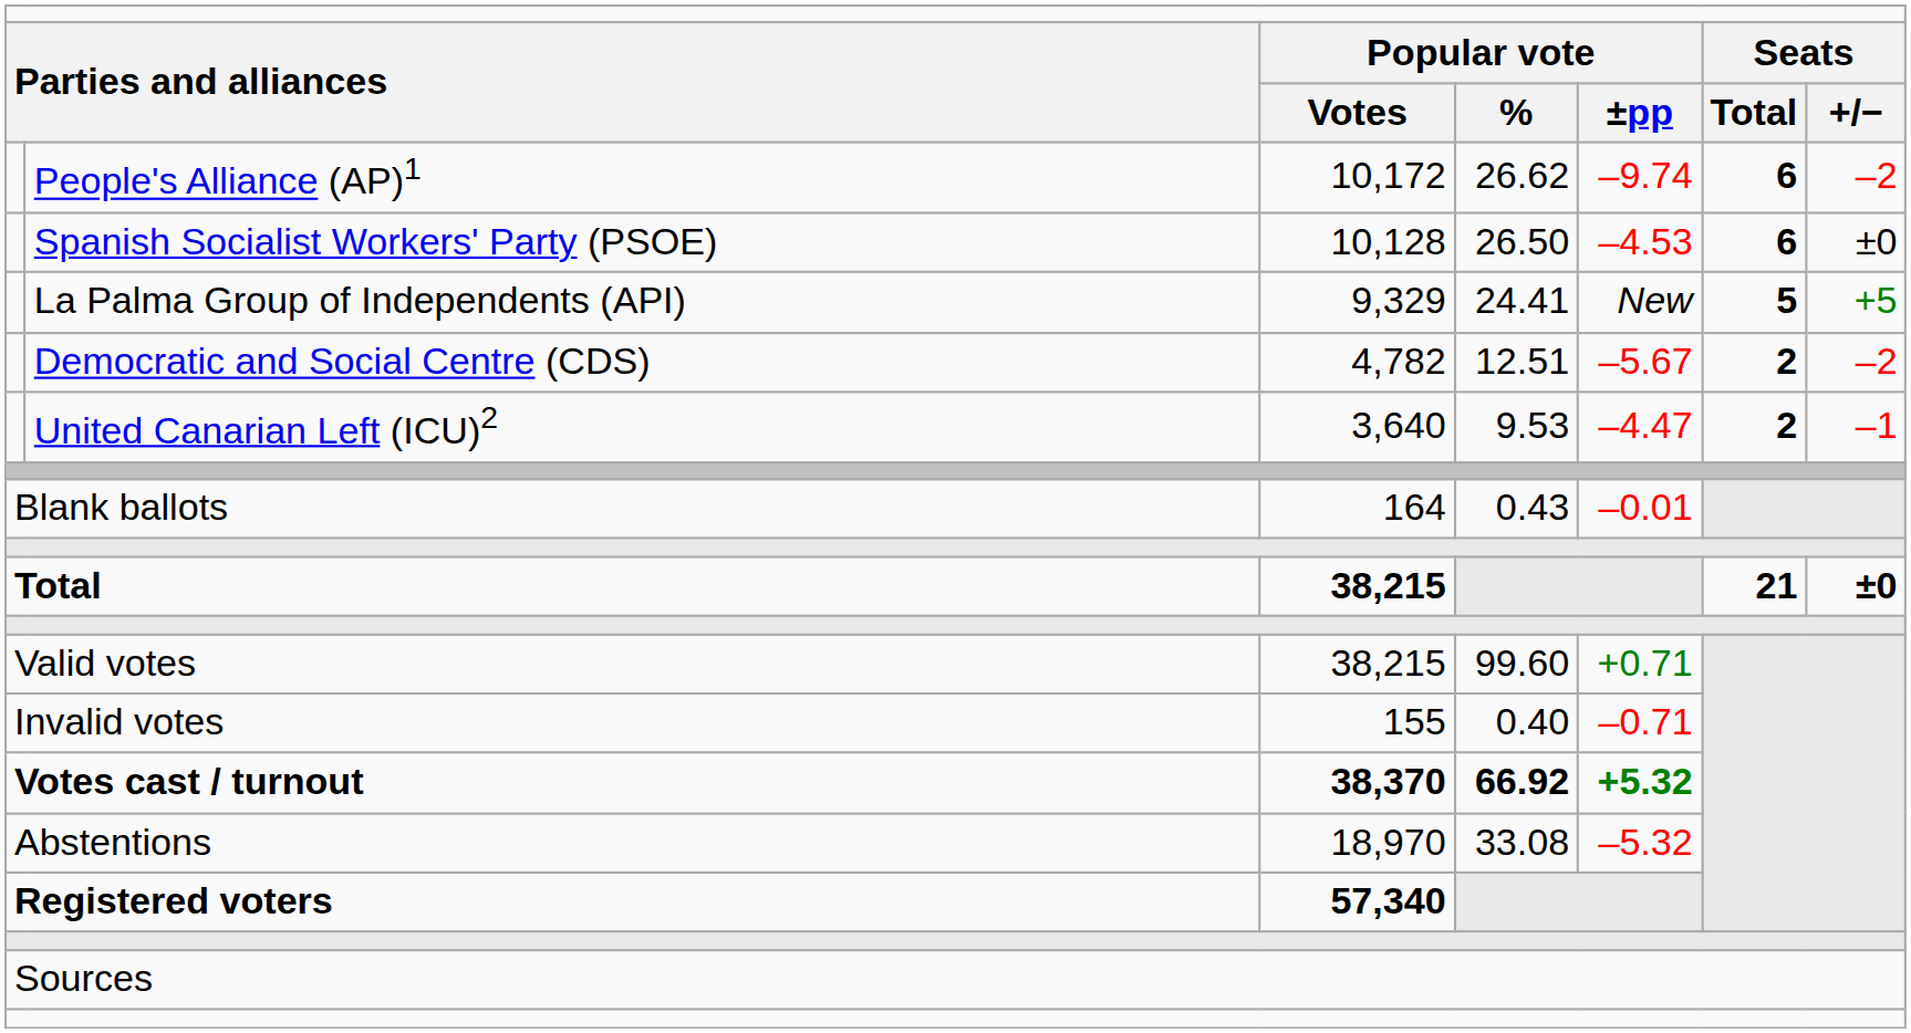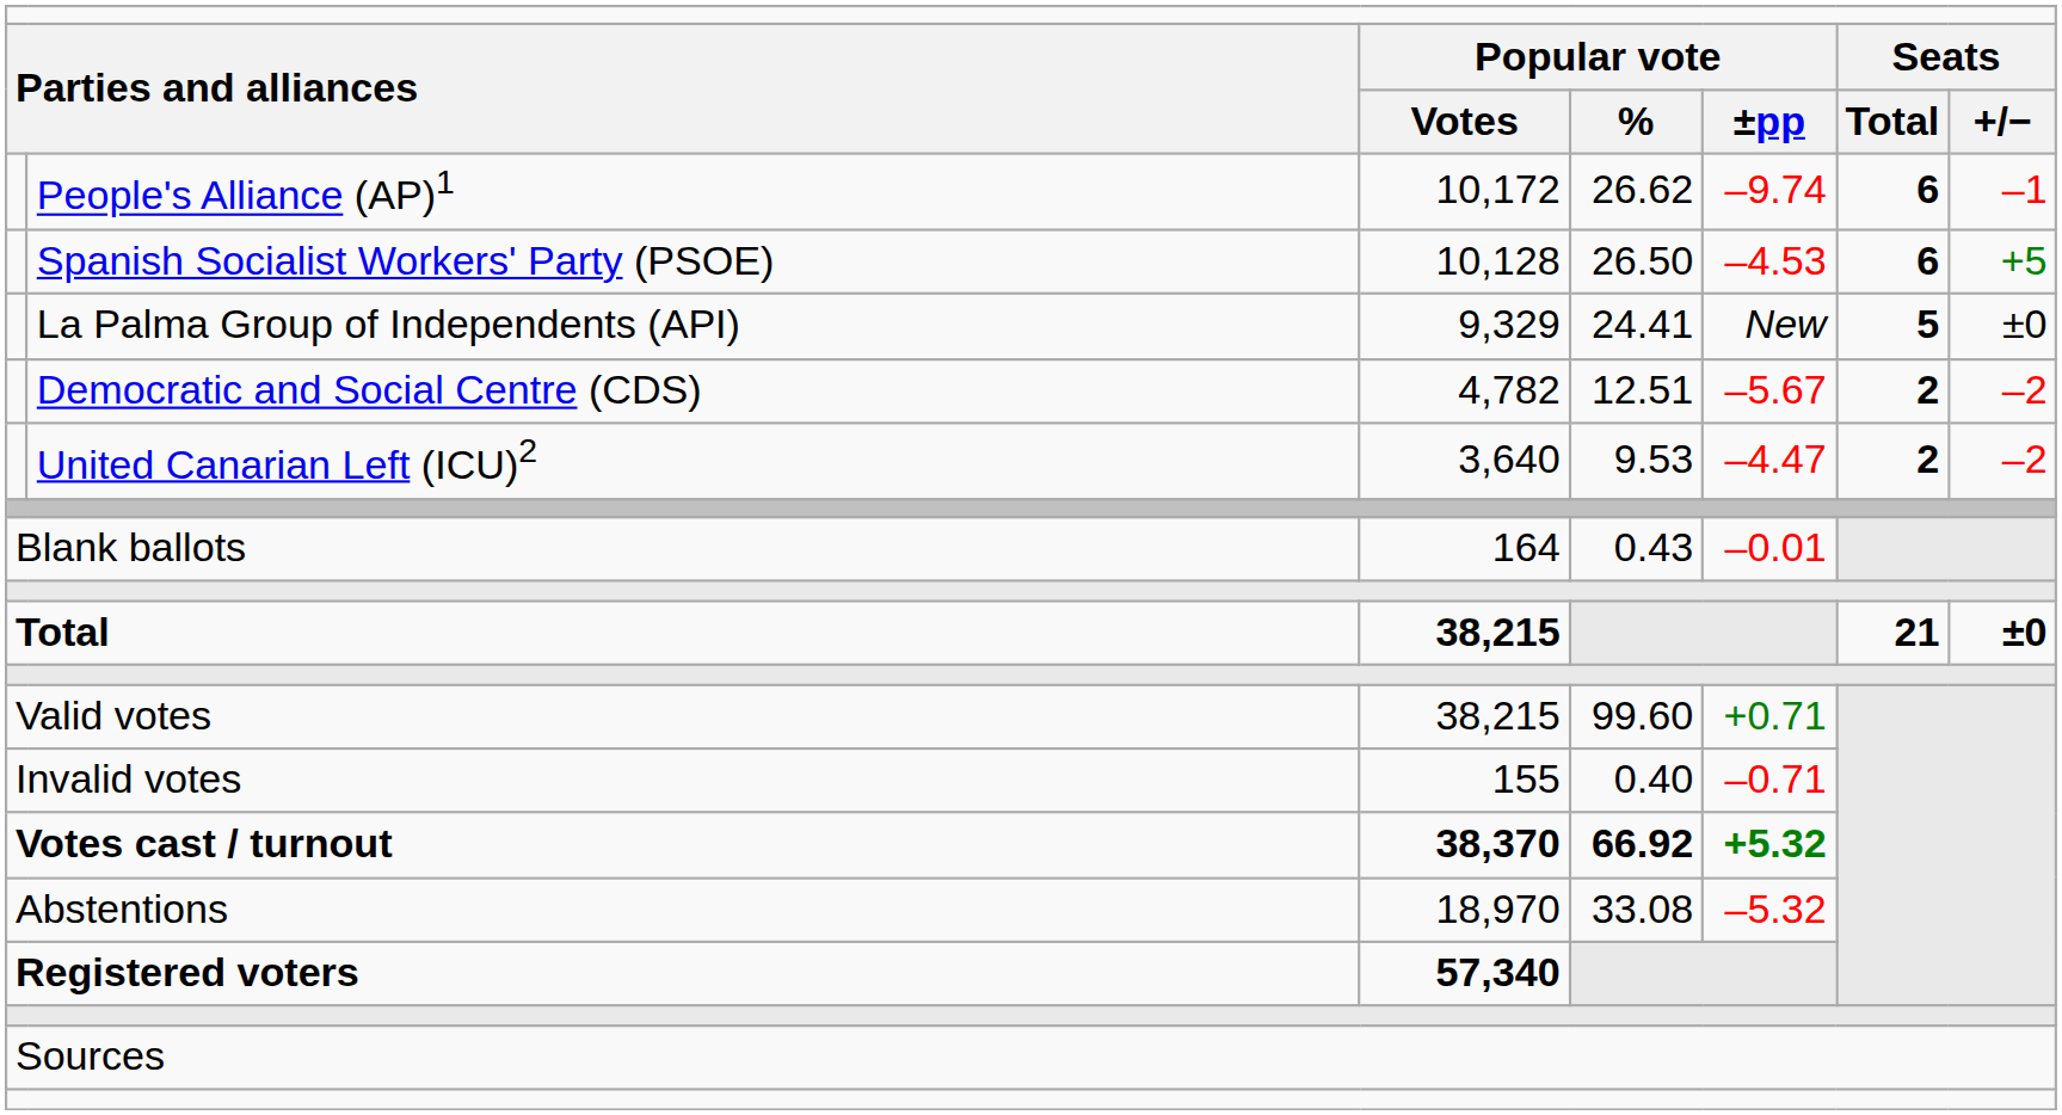 <table class="wikitable" style="text-align:right;">
 <tr>
 <td colspan="7"></td>
 </tr>
 <tr>
 <th style="text-align:left;" rowspan="2" colspan="2" width="525">Parties and alliances</th>
 <th colspan="3">Popular vote</th>
 <th colspan="2">Seats</th>
 </tr>
 <tr>
 <th width="75">Votes</th>
 <th width="45">%</th>
 <th width="45">±<a href='#'>pp</a></th>
 <th width="35">Total</th>
 <th width="35">+/−</th>
 </tr>
 <tr>
 <td width="1" style="color:inherit;background:"></td>
 <td align="left"><a href='#'>People's Alliance</a> (AP)<sup>1</sup></td>
 <td>10,172</td>
 <td>26.62</td>
 <td style="color:red;">–9.74</td>
 <td><strong>6</strong></td>
-<td style="color:red;">–2</td>
+<td style="color:red;">–1</td>
 </tr>
 <tr>
 <td style="color:inherit;background:"></td>
 <td align="left"><a href='#'>Spanish Socialist Workers' Party</a> (PSOE)</td>
 <td>10,128</td>
 <td>26.50</td>
 <td style="color:red;">–4.53</td>
 <td><strong>6</strong></td>
-<td>±0</td>
+<td style="color:green;">+5</td>
 </tr>
 <tr>
 <td style="color:inherit;background:"></td>
 <td align="left">La Palma Group of Independents (API)</td>
 <td>9,329</td>
 <td>24.41</td>
 <td><em>New</em></td>
 <td><strong>5</strong></td>
-<td style="color:green;">+5</td>
+<td>±0</td>
 </tr>
 <tr>
 <td style="color:inherit;background:"></td>
 <td align="left"><a href='#'>Democratic and Social Centre</a> (CDS)</td>
 <td>4,782</td>
 <td>12.51</td>
 <td style="color:red;">–5.67</td>
 <td><strong>2</strong></td>
 <td style="color:red;">–2</td>
 </tr>
 <tr>
 <td style="color:inherit;background:"></td>
 <td align="left"><a href='#'>United Canarian Left</a> (ICU)<sup>2</sup></td>
 <td>3,640</td>
 <td>9.53</td>
 <td style="color:red;">–4.47</td>
 <td><strong>2</strong></td>
-<td style="color:red;">–1</td>
+<td style="color:red;">–2</td>
 </tr>
 <tr>
 <td colspan="7" bgcolor="#C0C0C0"></td>
 </tr>
 <tr>
 <td align="left" colspan="2">Blank ballots</td>
 <td>164</td>
 <td>0.43</td>
 <td style="color:red;">–0.01</td>
 <td bgcolor="#E9E9E9" colspan="2"></td>
 </tr>
 <tr>
 <td colspan="7" bgcolor="#E9E9E9"></td>
 </tr>
 <tr style="font-weight:bold;">
 <td align="left" colspan="2">Total</td>
 <td>38,215</td>
 <td bgcolor="#E9E9E9" colspan="2"></td>
 <td>21</td>
 <td>±0</td>
 </tr>
 <tr>
 <td colspan="7" bgcolor="#E9E9E9"></td>
 </tr>
 <tr>
 <td align="left" colspan="2">Valid votes</td>
 <td>38,215</td>
 <td>99.60</td>
 <td style="color:green;">+0.71</td>
 <td bgcolor="#E9E9E9" colspan="2" rowspan="5"></td>
 </tr>
 <tr>
 <td align="left" colspan="2">Invalid votes</td>
 <td>155</td>
 <td>0.40</td>
 <td style="color:red;">–0.71</td>
 </tr>
 <tr style="font-weight:bold;">
 <td align="left" colspan="2">Votes cast / turnout</td>
 <td>38,370</td>
 <td>66.92</td>
 <td style="color:green;">+5.32</td>
 </tr>
 <tr>
 <td align="left" colspan="2">Abstentions</td>
 <td>18,970</td>
 <td>33.08</td>
 <td style="color:red;">–5.32</td>
 </tr>
 <tr style="font-weight:bold;">
 <td align="left" colspan="2">Registered voters</td>
 <td>57,340</td>
 <td bgcolor="#E9E9E9" colspan="2"></td>
 </tr>
 <tr>
 <td colspan="7" bgcolor="#E9E9E9"></td>
 </tr>
 <tr>
 <td align="left" colspan="7">Sources</td>
 </tr>
 <tr>
 <td colspan="7" style="text-align:left; max-width:790px;"></td>
 </tr>
 </table>
